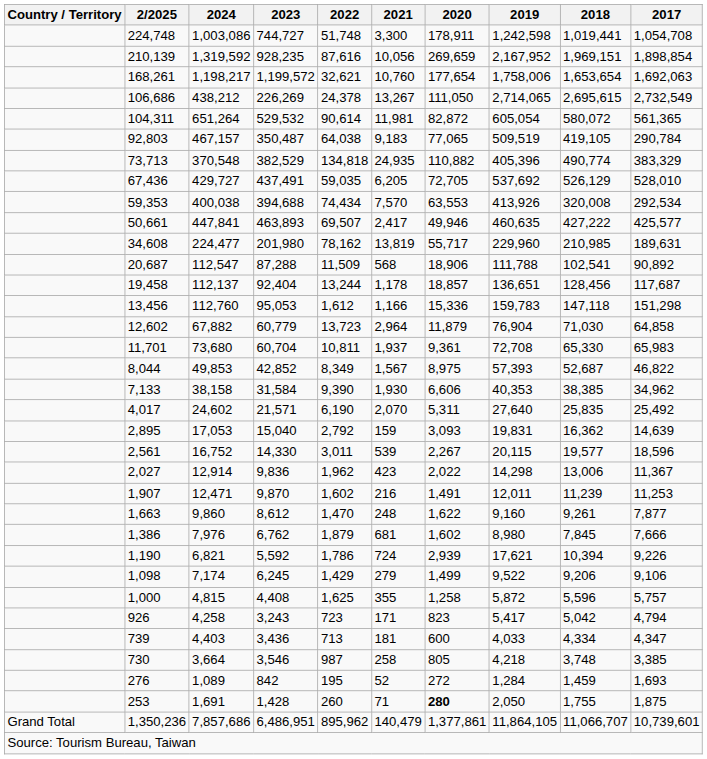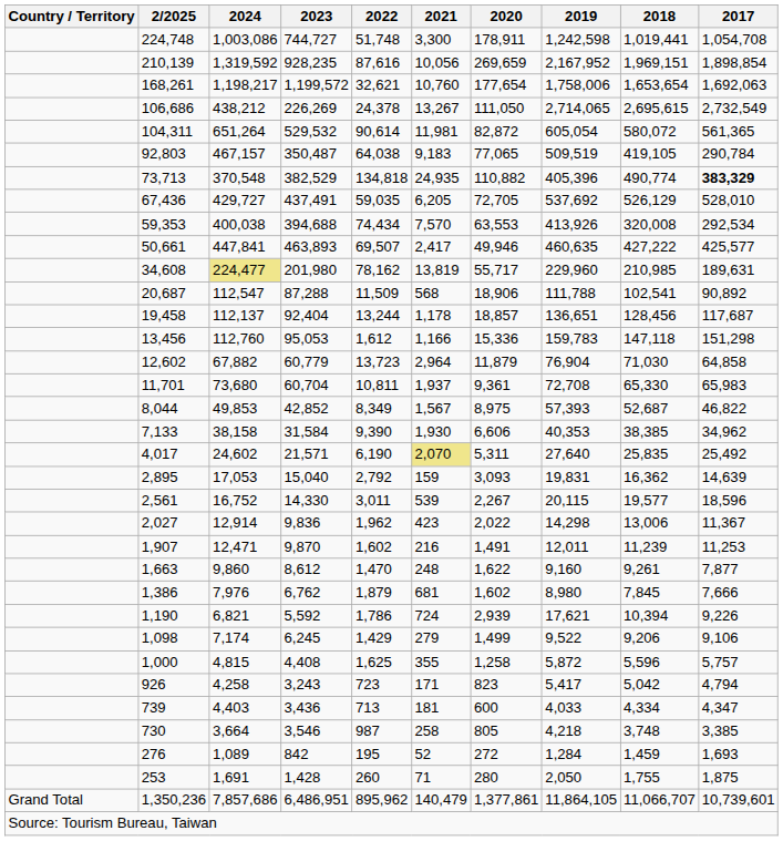 <table class="wikitable sortable">
 <tr>
 <th>Country / Territory</th>
 <th>2/2025</th>
 <th>2024</th>
 <th>2023</th>
 <th>2022</th>
 <th>2021</th>
 <th>2020</th>
 <th>2019</th>
 <th>2018</th>
 <th>2017</th>
 </tr>
 <tr>
 <td></td>
 <td>224,748</td>
 <td>1,003,086</td>
 <td>744,727</td>
 <td>51,748</td>
 <td>3,300</td>
 <td>178,911</td>
 <td>1,242,598</td>
 <td>1,019,441</td>
 <td>1,054,708</td>
 </tr>
 <tr>
 <td></td>
 <td>210,139</td>
 <td>1,319,592</td>
 <td>928,235</td>
 <td>87,616</td>
 <td>10,056</td>
 <td>269,659</td>
 <td>2,167,952</td>
 <td>1,969,151</td>
 <td>1,898,854</td>
 </tr>
 <tr>
 <td></td>
 <td>168,261</td>
 <td>1,198,217</td>
 <td>1,199,572</td>
 <td>32,621</td>
 <td>10,760</td>
 <td>177,654</td>
 <td>1,758,006</td>
 <td>1,653,654</td>
 <td>1,692,063</td>
 </tr>
 <tr>
 <td></td>
 <td>106,686</td>
 <td>438,212</td>
 <td>226,269</td>
 <td>24,378</td>
 <td>13,267</td>
 <td>111,050</td>
 <td>2,714,065</td>
 <td>2,695,615</td>
 <td>2,732,549</td>
 </tr>
 <tr>
 <td></td>
 <td>104,311</td>
 <td>651,264</td>
 <td>529,532</td>
 <td>90,614</td>
 <td>11,981</td>
 <td>82,872</td>
 <td>605,054</td>
 <td>580,072</td>
 <td>561,365</td>
 </tr>
 <tr>
 <td></td>
 <td>92,803</td>
 <td>467,157</td>
 <td>350,487</td>
 <td>64,038</td>
 <td>9,183</td>
 <td>77,065</td>
 <td>509,519</td>
 <td>419,105</td>
 <td>290,784</td>
 </tr>
 <tr>
 <td></td>
 <td>73,713</td>
 <td>370,548</td>
 <td>382,529</td>
 <td>134,818</td>
 <td>24,935</td>
 <td>110,882</td>
 <td>405,396</td>
 <td>490,774</td>
-<td>383,329</td>
+<td><strong>383,329</strong></td>
 </tr>
 <tr>
 <td></td>
 <td>67,436</td>
 <td>429,727</td>
 <td>437,491</td>
 <td>59,035</td>
 <td>6,205</td>
 <td>72,705</td>
 <td>537,692</td>
 <td>526,129</td>
 <td>528,010</td>
 </tr>
 <tr>
 <td></td>
 <td>59,353</td>
 <td>400,038</td>
 <td>394,688</td>
 <td>74,434</td>
 <td>7,570</td>
 <td>63,553</td>
 <td>413,926</td>
 <td>320,008</td>
 <td>292,534</td>
 </tr>
 <tr>
 <td></td>
 <td>50,661</td>
 <td>447,841</td>
 <td>463,893</td>
 <td>69,507</td>
 <td>2,417</td>
 <td>49,946</td>
 <td>460,635</td>
 <td>427,222</td>
 <td>425,577</td>
 </tr>
 <tr>
 <td></td>
 <td>34,608</td>
-<td>224,477</td>
+<td style="background: khaki;">224,477</td>
 <td>201,980</td>
 <td>78,162</td>
 <td>13,819</td>
 <td>55,717</td>
 <td>229,960</td>
 <td>210,985</td>
 <td>189,631</td>
 </tr>
 <tr>
 <td></td>
 <td>20,687</td>
 <td>112,547</td>
 <td>87,288</td>
 <td>11,509</td>
 <td>568</td>
 <td>18,906</td>
 <td>111,788</td>
 <td>102,541</td>
 <td>90,892</td>
 </tr>
 <tr>
 <td></td>
 <td>19,458</td>
 <td>112,137</td>
 <td>92,404</td>
 <td>13,244</td>
 <td>1,178</td>
 <td>18,857</td>
 <td>136,651</td>
 <td>128,456</td>
 <td>117,687</td>
 </tr>
 <tr>
 <td></td>
 <td>13,456</td>
 <td>112,760</td>
 <td>95,053</td>
 <td>1,612</td>
 <td>1,166</td>
 <td>15,336</td>
 <td>159,783</td>
 <td>147,118</td>
 <td>151,298</td>
 </tr>
 <tr>
 <td></td>
 <td>12,602</td>
 <td>67,882</td>
 <td>60,779</td>
 <td>13,723</td>
 <td>2,964</td>
 <td>11,879</td>
 <td>76,904</td>
 <td>71,030</td>
 <td>64,858</td>
 </tr>
 <tr>
 <td></td>
 <td>11,701</td>
 <td>73,680</td>
 <td>60,704</td>
 <td>10,811</td>
 <td>1,937</td>
 <td>9,361</td>
 <td>72,708</td>
 <td>65,330</td>
 <td>65,983</td>
 </tr>
 <tr>
 <td></td>
 <td>8,044</td>
 <td>49,853</td>
 <td>42,852</td>
 <td>8,349</td>
 <td>1,567</td>
 <td>8,975</td>
 <td>57,393</td>
 <td>52,687</td>
 <td>46,822</td>
 </tr>
 <tr>
 <td></td>
 <td>7,133</td>
 <td>38,158</td>
 <td>31,584</td>
 <td>9,390</td>
 <td>1,930</td>
 <td>6,606</td>
 <td>40,353</td>
 <td>38,385</td>
 <td>34,962</td>
 </tr>
 <tr>
 <td></td>
 <td>4,017</td>
 <td>24,602</td>
 <td>21,571</td>
 <td>6,190</td>
-<td>2,070</td>
+<td style="background: khaki;">2,070</td>
 <td>5,311</td>
 <td>27,640</td>
 <td>25,835</td>
 <td>25,492</td>
 </tr>
 <tr>
 <td></td>
 <td>2,895</td>
 <td>17,053</td>
 <td>15,040</td>
 <td>2,792</td>
 <td>159</td>
 <td>3,093</td>
 <td>19,831</td>
 <td>16,362</td>
 <td>14,639</td>
 </tr>
 <tr>
 <td></td>
 <td>2,561</td>
 <td>16,752</td>
 <td>14,330</td>
 <td>3,011</td>
 <td>539</td>
 <td>2,267</td>
 <td>20,115</td>
 <td>19,577</td>
 <td>18,596</td>
 </tr>
 <tr>
 <td></td>
 <td>2,027</td>
 <td>12,914</td>
 <td>9,836</td>
 <td>1,962</td>
 <td>423</td>
 <td>2,022</td>
 <td>14,298</td>
 <td>13,006</td>
 <td>11,367</td>
 </tr>
 <tr>
 <td></td>
 <td>1,907</td>
 <td>12,471</td>
 <td>9,870</td>
 <td>1,602</td>
 <td>216</td>
 <td>1,491</td>
 <td>12,011</td>
 <td>11,239</td>
 <td>11,253</td>
 </tr>
 <tr>
 <td></td>
 <td>1,663</td>
 <td>9,860</td>
 <td>8,612</td>
 <td>1,470</td>
 <td>248</td>
 <td>1,622</td>
 <td>9,160</td>
 <td>9,261</td>
 <td>7,877</td>
 </tr>
 <tr>
 <td></td>
 <td>1,386</td>
 <td>7,976</td>
 <td>6,762</td>
 <td>1,879</td>
 <td>681</td>
 <td>1,602</td>
 <td>8,980</td>
 <td>7,845</td>
 <td>7,666</td>
 </tr>
 <tr>
 <td></td>
 <td>1,190</td>
 <td>6,821</td>
 <td>5,592</td>
 <td>1,786</td>
 <td>724</td>
 <td>2,939</td>
 <td>17,621</td>
 <td>10,394</td>
 <td>9,226</td>
 </tr>
 <tr>
 <td></td>
 <td>1,098</td>
 <td>7,174</td>
 <td>6,245</td>
 <td>1,429</td>
 <td>279</td>
 <td>1,499</td>
 <td>9,522</td>
 <td>9,206</td>
 <td>9,106</td>
 </tr>
 <tr>
 <td></td>
 <td>1,000</td>
 <td>4,815</td>
 <td>4,408</td>
 <td>1,625</td>
 <td>355</td>
 <td>1,258</td>
 <td>5,872</td>
 <td>5,596</td>
 <td>5,757</td>
 </tr>
 <tr>
 <td></td>
 <td>926</td>
 <td>4,258</td>
 <td>3,243</td>
 <td>723</td>
 <td>171</td>
 <td>823</td>
 <td>5,417</td>
 <td>5,042</td>
 <td>4,794</td>
 </tr>
 <tr>
 <td></td>
 <td>739</td>
 <td>4,403</td>
 <td>3,436</td>
 <td>713</td>
 <td>181</td>
 <td>600</td>
 <td>4,033</td>
 <td>4,334</td>
 <td>4,347</td>
 </tr>
 <tr>
 <td></td>
 <td>730</td>
 <td>3,664</td>
 <td>3,546</td>
 <td>987</td>
 <td>258</td>
 <td>805</td>
 <td>4,218</td>
 <td>3,748</td>
 <td>3,385</td>
 </tr>
 <tr>
 <td></td>
 <td>276</td>
 <td>1,089</td>
 <td>842</td>
 <td>195</td>
 <td>52</td>
 <td>272</td>
 <td>1,284</td>
 <td>1,459</td>
 <td>1,693</td>
 </tr>
 <tr>
 <td></td>
 <td>253</td>
 <td>1,691</td>
 <td>1,428</td>
 <td>260</td>
 <td>71</td>
-<td><strong>280</strong></td>
+<td>280</td>
 <td>2,050</td>
 <td>1,755</td>
 <td>1,875</td>
 </tr>
 <tr>
 <td>Grand Total</td>
 <td>1,350,236</td>
 <td>7,857,686</td>
 <td>6,486,951</td>
 <td>895,962</td>
 <td>140,479</td>
 <td>1,377,861</td>
 <td>11,864,105</td>
 <td>11,066,707</td>
 <td>10,739,601</td>
 </tr>
 <tr>
 <td colspan="10">Source: Tourism Bureau, Taiwan </td>
 </tr>
 </table>
